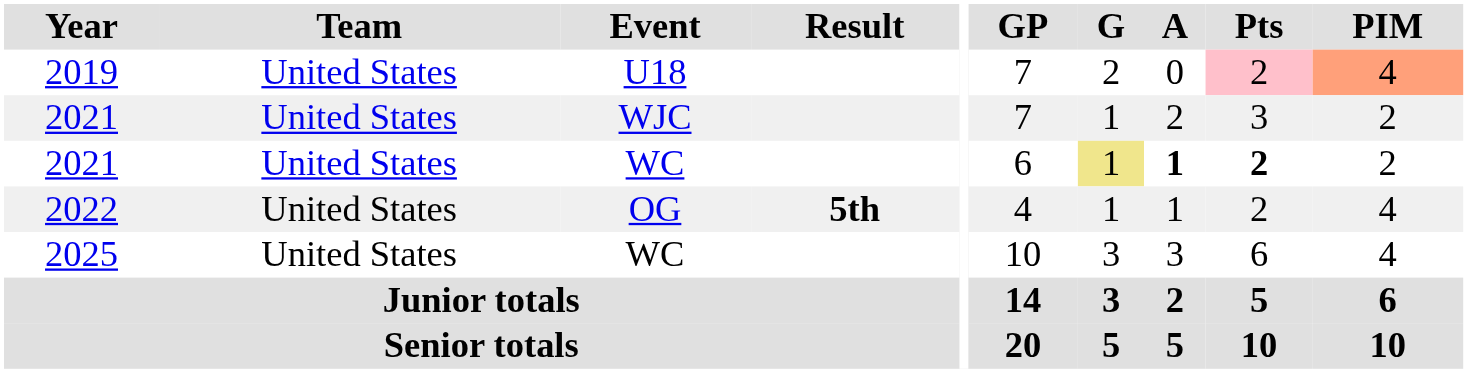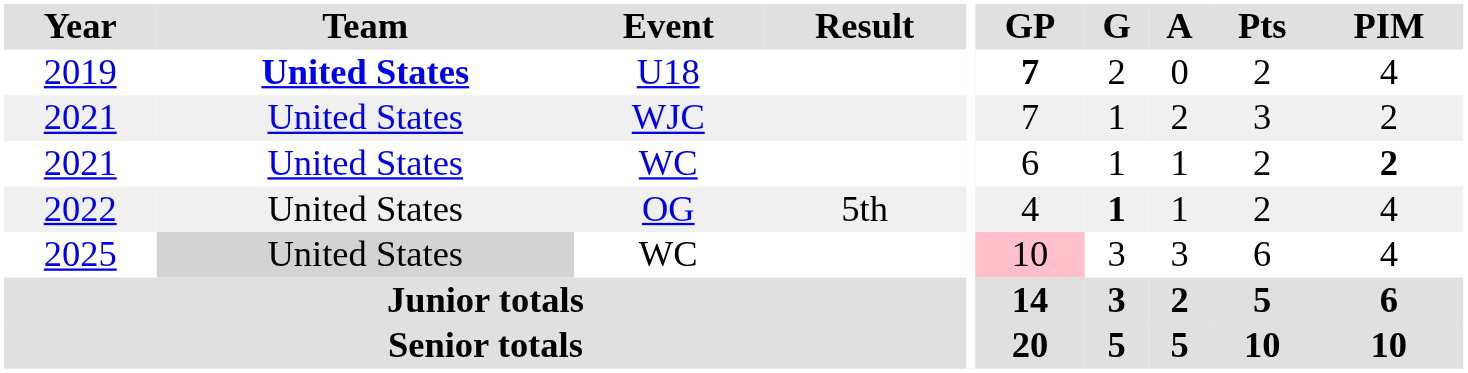 <table border="0" cellpadding="1" cellspacing="0" ID="Table3" style="text-align:center; width:40em;">
 <tr bgcolor="#e0e0e0">
 <th>Year</th>
 <th>Team</th>
 <th>Event</th>
 <th>Result</th>
 <th rowspan="98" bgcolor="#ffffff"></th>
 <th>GP</th>
 <th>G</th>
 <th>A</th>
 <th>Pts</th>
 <th>PIM</th>
 </tr>
 <tr>
 <td><a href='#'>2019</a></td>
-<td><a href='#'>United States</a></td>
+<td><strong><a href='#'>United States</a></strong></td>
 <td><a href='#'>U18</a></td>
 <td></td>
-<td>7</td>
+<td><strong>7</strong></td>
 <td>2</td>
 <td>0</td>
-<td style="background: pink;">2</td>
-<td style="background: lightsalmon;">4</td>
+<td>2</td>
+<td>4</td>
 </tr>
 <tr bgcolor="#f0f0f0">
 <td><a href='#'>2021</a></td>
 <td><a href='#'>United States</a></td>
 <td><a href='#'>WJC</a></td>
 <td></td>
 <td>7</td>
 <td>1</td>
 <td>2</td>
 <td>3</td>
 <td>2</td>
 </tr>
 <tr>
 <td><a href='#'>2021</a></td>
 <td><a href='#'>United States</a></td>
 <td><a href='#'>WC</a></td>
 <td></td>
 <td>6</td>
-<td style="background: khaki;">1</td>
-<td><strong>1</strong></td>
+<td>1</td>
+<td>1</td>
+<td>2</td>
 <td><strong>2</strong></td>
-<td>2</td>
 </tr>
 <tr bgcolor="#f0f0f0">
 <td><a href='#'>2022</a></td>
 <td>United States</td>
 <td><a href='#'>OG</a></td>
-<td><strong>5th</strong></td>
+<td>5th</td>
 <td>4</td>
-<td>1</td>
+<td><strong>1</strong></td>
 <td>1</td>
 <td>2</td>
 <td>4</td>
 </tr>
 <tr>
 <td><a href='#'>2025</a></td>
-<td>United States</td>
+<td style="background: lightgrey;">United States</td>
 <td>WC</td>
 <td></td>
-<td>10</td>
+<td style="background: pink;">10</td>
 <td>3</td>
 <td>3</td>
 <td>6</td>
 <td>4</td>
 </tr>
 <tr bgcolor="#e0e0e0">
 <th colspan="4">Junior totals</th>
 <th>14</th>
 <th>3</th>
 <th>2</th>
 <th>5</th>
 <th>6</th>
 </tr>
 <tr bgcolor="#e0e0e0">
 <th colspan="4">Senior totals</th>
 <th>20</th>
 <th>5</th>
 <th>5</th>
 <th>10</th>
 <th>10</th>
 </tr>
 </table>
